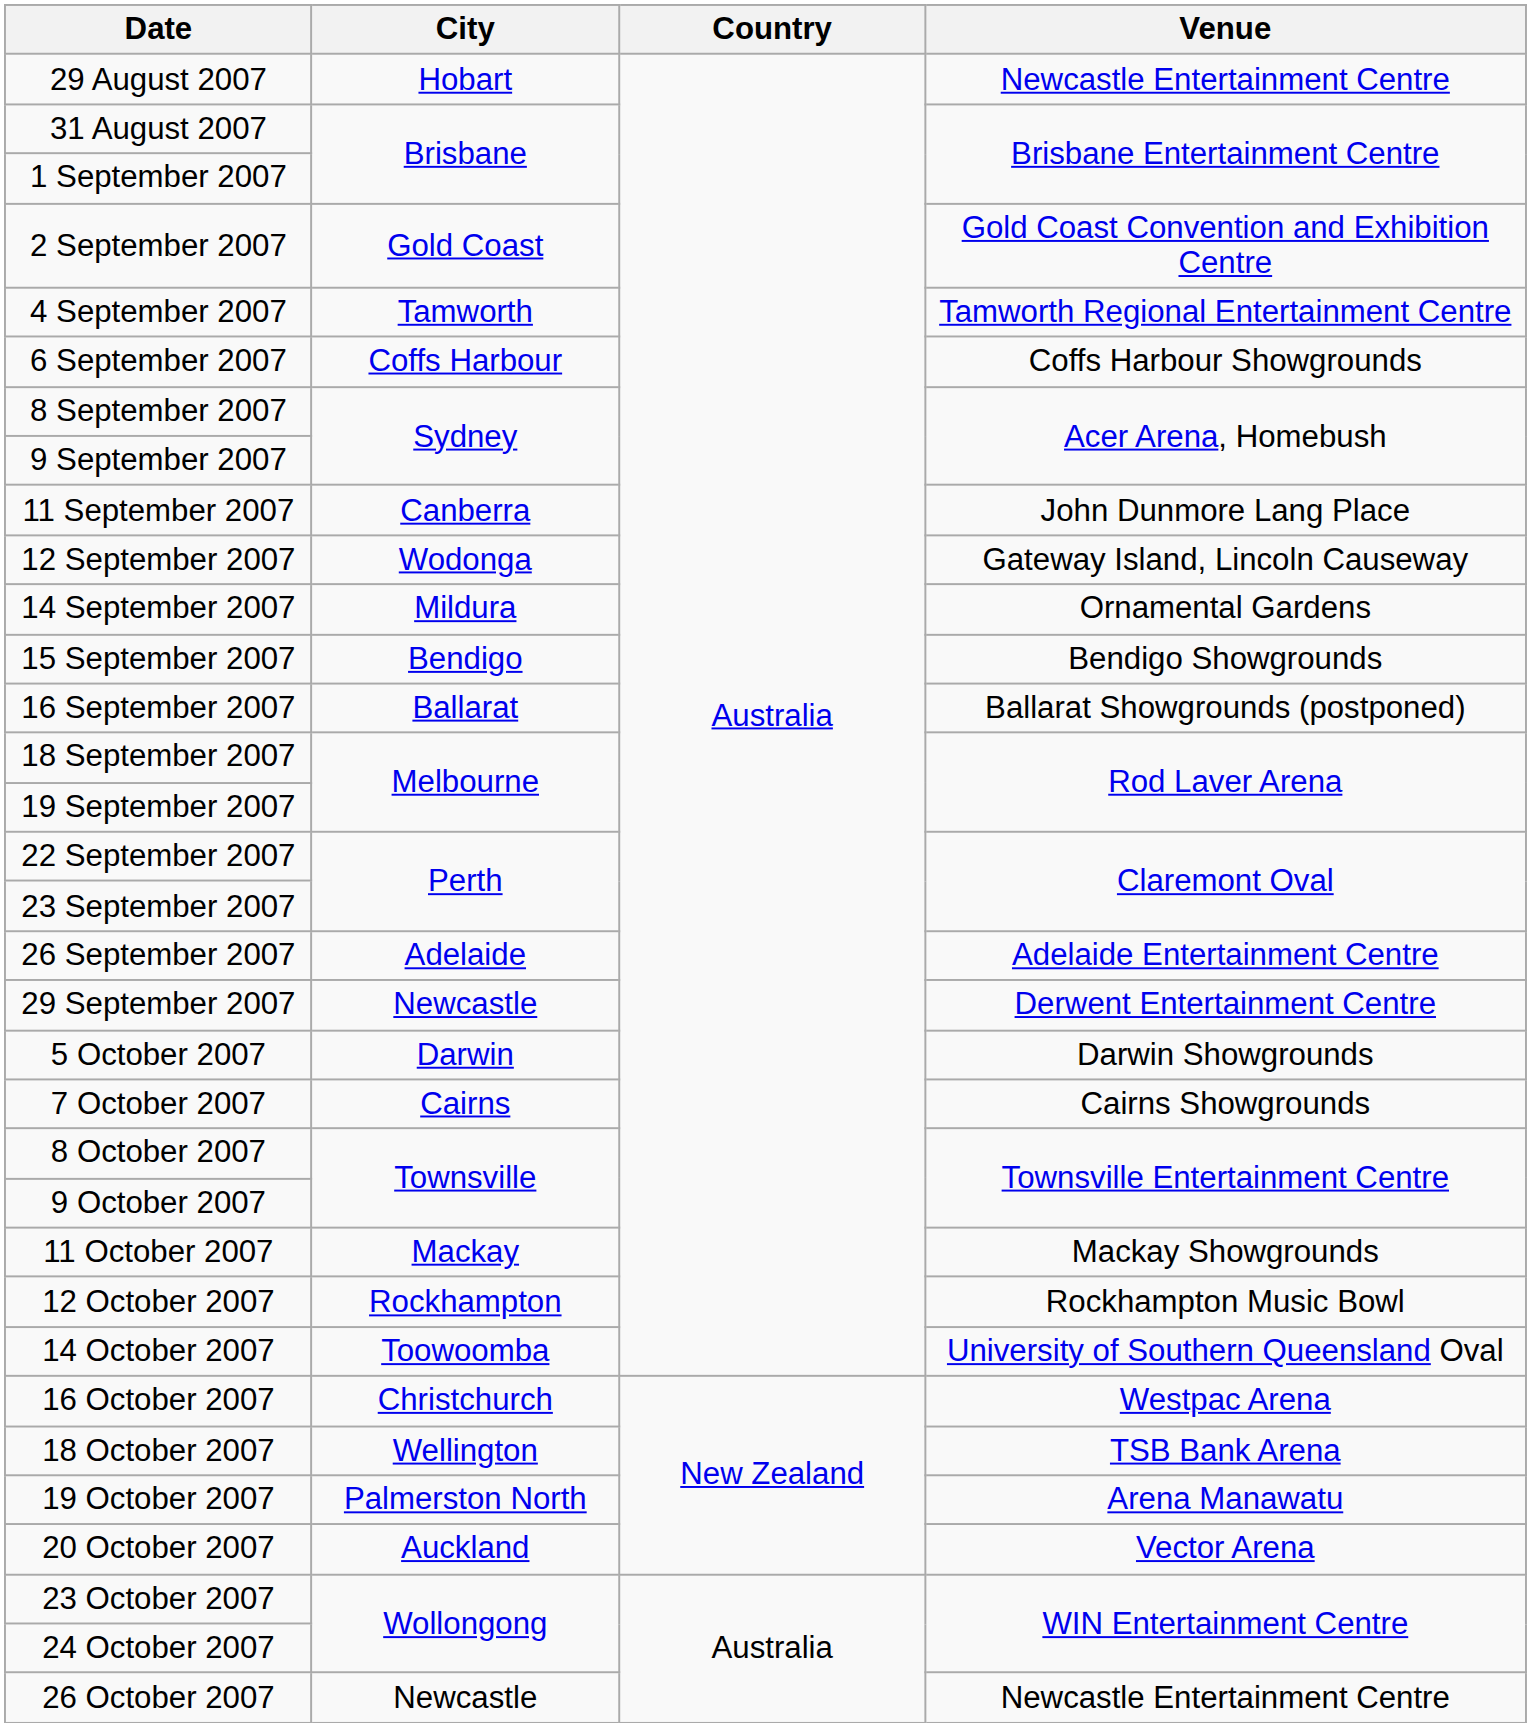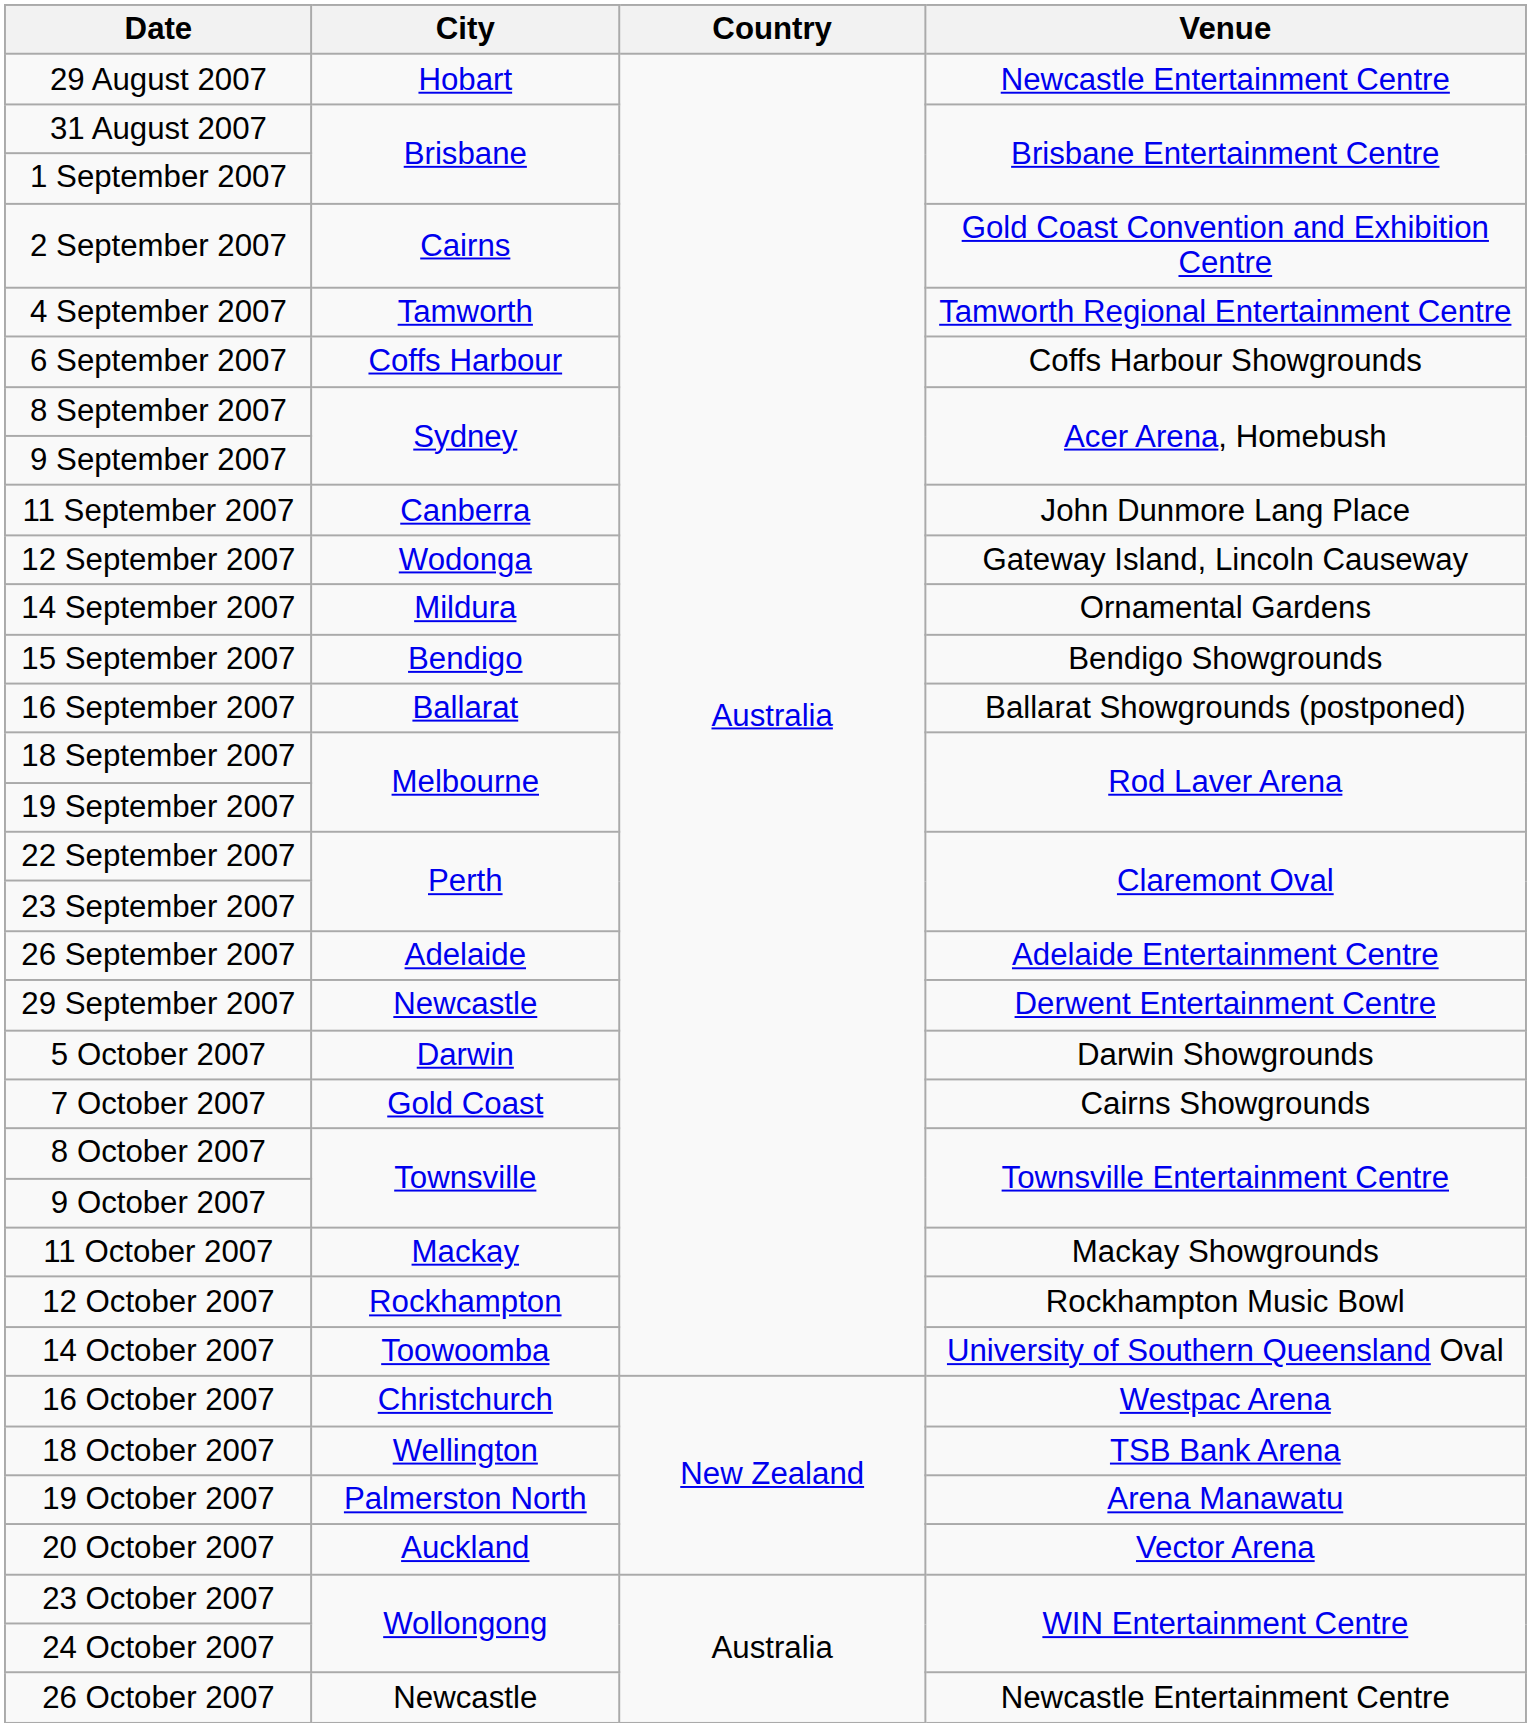 <table class="wikitable" style="text-align:center;">
 <tr>
 <th style="width:150px;">Date</th>
 <th style="width:150px;">City</th>
 <th style="width:150px;">Country</th>
 <th style="width:300px;">Venue</th>
 </tr>
 <tr>
 <td>29 August 2007</td>
 <td><a href='#'>Hobart</a></td>
 <td rowspan="26"><a href='#'>Australia</a></td>
 <td><a href='#'>Newcastle Entertainment Centre</a></td>
 </tr>
 <tr>
 <td>31 August 2007</td>
 <td rowspan="2"><a href='#'>Brisbane</a></td>
 <td rowspan="2"><a href='#'>Brisbane Entertainment Centre</a></td>
 </tr>
 <tr>
 <td>1 September 2007</td>
 </tr>
 <tr>
 <td>2 September 2007</td>
-<td><a href='#'>Gold Coast</a></td>
+<td><a href='#'>Cairns</a></td>
 <td><a href='#'>Gold Coast Convention and Exhibition Centre</a></td>
 </tr>
 <tr>
 <td>4 September 2007</td>
 <td><a href='#'>Tamworth</a></td>
 <td><a href='#'>Tamworth Regional Entertainment Centre</a></td>
 </tr>
 <tr>
 <td>6 September 2007</td>
 <td><a href='#'>Coffs Harbour</a></td>
 <td>Coffs Harbour Showgrounds</td>
 </tr>
 <tr>
 <td>8 September 2007</td>
 <td rowspan="2"><a href='#'>Sydney</a></td>
 <td rowspan="2"><a href='#'>Acer Arena</a>, Homebush</td>
 </tr>
 <tr>
 <td>9 September 2007</td>
 </tr>
 <tr>
 <td>11 September 2007</td>
 <td><a href='#'>Canberra</a></td>
 <td>John Dunmore Lang Place</td>
 </tr>
 <tr>
 <td>12 September 2007</td>
 <td><a href='#'>Wodonga</a></td>
 <td>Gateway Island, Lincoln Causeway</td>
 </tr>
 <tr>
 <td>14 September 2007</td>
 <td><a href='#'>Mildura</a></td>
 <td>Ornamental Gardens</td>
 </tr>
 <tr>
 <td>15 September 2007</td>
 <td><a href='#'>Bendigo</a></td>
 <td>Bendigo Showgrounds</td>
 </tr>
 <tr>
 <td>16 September 2007</td>
 <td><a href='#'>Ballarat</a></td>
 <td>Ballarat Showgrounds (postponed)</td>
 </tr>
 <tr>
 <td>18 September 2007</td>
 <td rowspan="2"><a href='#'>Melbourne</a></td>
 <td rowspan="2"><a href='#'>Rod Laver Arena</a></td>
 </tr>
 <tr>
 <td>19 September 2007</td>
 </tr>
 <tr>
 <td>22 September 2007</td>
 <td rowspan="2"><a href='#'>Perth</a></td>
 <td rowspan="2"><a href='#'>Claremont Oval</a></td>
 </tr>
 <tr>
 <td>23 September 2007</td>
 </tr>
 <tr>
 <td>26 September 2007</td>
 <td><a href='#'>Adelaide</a></td>
 <td><a href='#'>Adelaide Entertainment Centre</a></td>
 </tr>
 <tr>
 <td>29 September 2007</td>
 <td><a href='#'>Newcastle</a></td>
 <td><a href='#'>Derwent Entertainment Centre</a></td>
 </tr>
 <tr>
 <td>5 October 2007</td>
 <td><a href='#'>Darwin</a></td>
 <td>Darwin Showgrounds</td>
 </tr>
 <tr>
 <td>7 October 2007</td>
-<td><a href='#'>Cairns</a></td>
+<td><a href='#'>Gold Coast</a></td>
 <td>Cairns Showgrounds</td>
 </tr>
 <tr>
 <td>8 October 2007</td>
 <td rowspan="2"><a href='#'>Townsville</a></td>
 <td rowspan="2"><a href='#'>Townsville Entertainment Centre</a></td>
 </tr>
 <tr>
 <td>9 October 2007</td>
 </tr>
 <tr>
 <td>11 October 2007</td>
 <td><a href='#'>Mackay</a></td>
 <td>Mackay Showgrounds</td>
 </tr>
 <tr>
 <td>12 October 2007</td>
 <td><a href='#'>Rockhampton</a></td>
 <td>Rockhampton Music Bowl</td>
 </tr>
 <tr>
 <td>14 October 2007</td>
 <td><a href='#'>Toowoomba</a></td>
 <td><a href='#'>University of Southern Queensland</a> Oval</td>
 </tr>
 <tr>
 <td>16 October 2007</td>
 <td><a href='#'>Christchurch</a></td>
 <td rowspan="4"><a href='#'>New Zealand</a></td>
 <td><a href='#'>Westpac Arena</a></td>
 </tr>
 <tr>
 <td>18 October 2007</td>
 <td><a href='#'>Wellington</a></td>
 <td><a href='#'>TSB Bank Arena</a></td>
 </tr>
 <tr>
 <td>19 October 2007</td>
 <td><a href='#'>Palmerston North</a></td>
 <td><a href='#'>Arena Manawatu</a></td>
 </tr>
 <tr>
 <td>20 October 2007</td>
 <td><a href='#'>Auckland</a></td>
 <td><a href='#'>Vector Arena</a></td>
 </tr>
 <tr>
 <td>23 October 2007</td>
 <td rowspan="2"><a href='#'>Wollongong</a></td>
 <td rowspan="3">Australia</td>
 <td rowspan="2"><a href='#'>WIN Entertainment Centre</a></td>
 </tr>
 <tr>
 <td>24 October 2007</td>
 </tr>
 <tr>
 <td>26 October 2007</td>
 <td>Newcastle</td>
 <td>Newcastle Entertainment Centre</td>
 </tr>
 </table>
